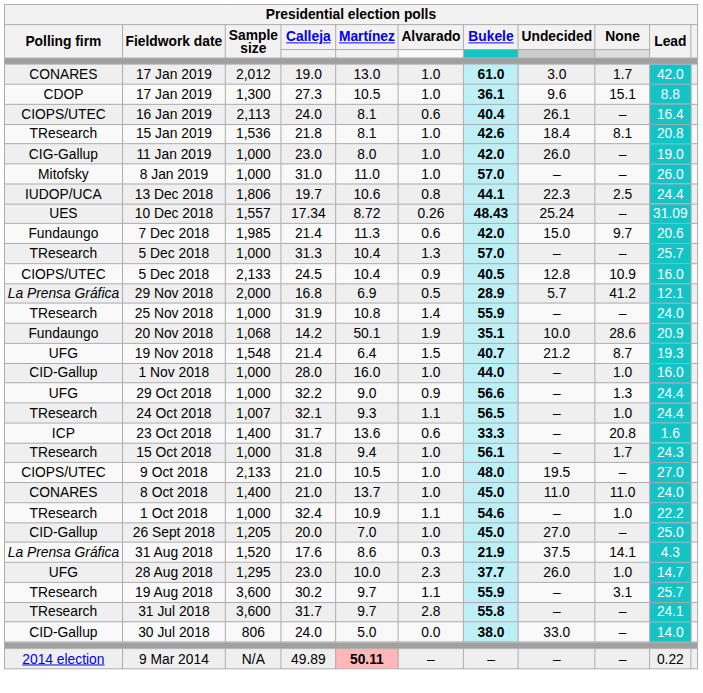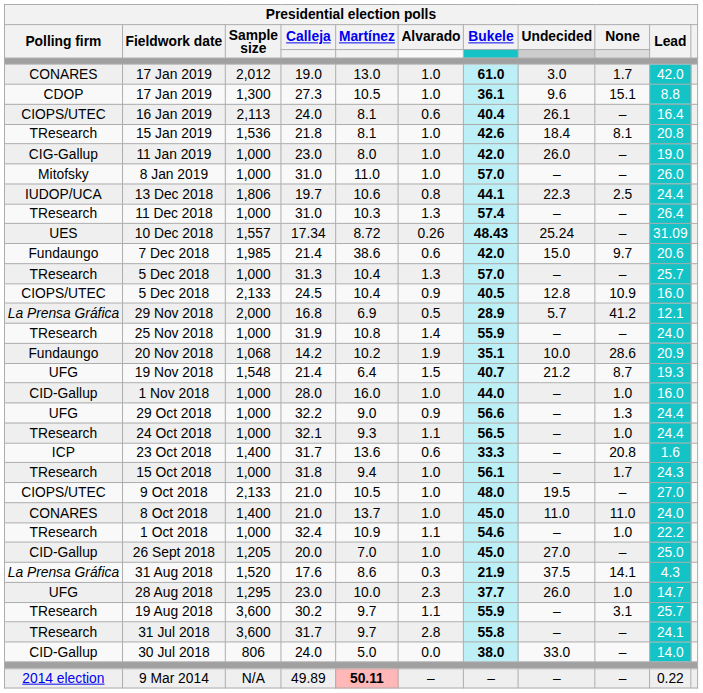 <table class="wikitable" style="text-align:center;font-size:90%;line-height:14px;">
 <tr>
 <th colspan="11">Presidential election polls</th>
 </tr>
 <tr>
 <th rowspan="2">Polling firm</th>
 <th rowspan="2">Fieldwork date</th>
 <th rowspan="2">Sample<br>size</th>
 <th style="width:50px;"><a href='#'>Calleja</a><br></th>
 <th style="width:50px;"><a href='#'>Martínez</a><br></th>
 <th style="width:50px;">Alvarado<br></th>
 <th style="width:50px;"><a href='#'>Bukele</a><br></th>
 <th style="width:50px;">Undecided</th>
 <th style="width:50px;">None</th>
 <th style="width:30px;" rowspan="2">Lead</th>
 <th rowspan="2"></th>
 </tr>
 <tr>
 <th style="background:"></th>
 <th style="background:"></th>
 <td style="background:"></td>
 <th style="background:#13C3C6;"></th>
 <th style="background:#CCCCCC;"></th>
 <th style="background:#DDDDDD;"></th>
 </tr>
 <tr>
 <td colspan="11" style="background:#A0A0A0"></td>
 </tr>
 <tr style="background:#EFEFEF;">
 <td>CONARES</td>
 <td>17 Jan 2019</td>
 <td>2,012</td>
 <td>19.0</td>
 <td>13.0</td>
 <td>1.0</td>
 <td style="background:#BCEFF6;"><strong>61.0</strong></td>
 <td>3.0</td>
 <td>1.7</td>
 <td style="background:#13C3C6;color:#FFFFFF">42.0</td>
 <td></td>
 </tr>
 <tr>
 <td>CDOP</td>
 <td>17 Jan 2019</td>
 <td>1,300</td>
 <td>27.3</td>
 <td>10.5</td>
 <td>1.0</td>
 <td style="background:#BCEFF6;"><strong>36.1</strong></td>
 <td>9.6</td>
 <td>15.1</td>
 <td style="background:#13C3C6;color:#FFFFFF">8.8</td>
 <td></td>
 </tr>
 <tr style="background:#EFEFEF;">
 <td>CIOPS/UTEC</td>
 <td>16 Jan 2019</td>
 <td>2,113</td>
 <td>24.0</td>
 <td>8.1</td>
 <td>0.6</td>
 <td style="background:#BCEFF6;"><strong>40.4</strong></td>
 <td>26.1</td>
 <td>–</td>
 <td style="background:#13C3C6;color:#FFFFFF">16.4</td>
 <td></td>
 </tr>
 <tr>
 <td>TResearch</td>
 <td>15 Jan 2019</td>
 <td>1,536</td>
 <td>21.8</td>
 <td>8.1</td>
 <td>1.0</td>
 <td style="background:#BCEFF6;"><strong>42.6</strong></td>
 <td>18.4</td>
 <td>8.1</td>
 <td style="background:#13C3C6;color:#FFFFFF">20.8</td>
 <td></td>
 </tr>
 <tr style="background:#EFEFEF;">
 <td>CIG-Gallup</td>
 <td>11 Jan 2019</td>
 <td>1,000</td>
 <td>23.0</td>
 <td>8.0</td>
 <td>1.0</td>
 <td style="background:#BCEFF6;"><strong>42.0</strong></td>
 <td>26.0</td>
 <td>–</td>
 <td style="background:#13C3C6;color:#FFFFFF">19.0</td>
 <td></td>
 </tr>
 <tr>
 <td>Mitofsky</td>
 <td>8 Jan 2019</td>
 <td>1,000</td>
 <td>31.0</td>
 <td>11.0</td>
 <td>1.0</td>
 <td style="background:#BCEFF6;"><strong>57.0</strong></td>
 <td>–</td>
 <td>–</td>
 <td style="background:#13C3C6;color:#FFFFFF">26.0</td>
 <td></td>
 </tr>
 <tr style="background:#EFEFEF;">
 <td>IUDOP/UCA</td>
 <td>13 Dec 2018</td>
 <td>1,806</td>
 <td>19.7</td>
 <td>10.6</td>
 <td>0.8</td>
 <td style="background:#BCEFF6;"><strong>44.1</strong></td>
 <td>22.3</td>
 <td>2.5</td>
 <td style="background:#13C3C6;color:#FFFFFF">24.4</td>
 <td></td>
 </tr>
+<tr>
+<td>TResearch</td>
+<td>11 Dec 2018</td>
+<td>1,000</td>
+<td>31.0</td>
+<td>10.3</td>
+<td>1.3</td>
+<td style="background:#BCEFF6;"><strong>57.4</strong></td>
+<td>–</td>
+<td>–</td>
+<td style="background:#13C3C6;color:#FFFFFF">26.4</td>
+<td></td>
+</tr>
 <tr style="background:#EFEFEF;">
 <td>UES</td>
 <td>10 Dec 2018</td>
 <td>1,557</td>
 <td>17.34</td>
 <td>8.72</td>
 <td>0.26</td>
 <td style="background:#BCEFF6;"><strong>48.43</strong></td>
 <td>25.24</td>
 <td>–</td>
 <td style="background:#13C3C6;color:#FFFFFF">31.09</td>
 <td></td>
 </tr>
 <tr>
 <td>Fundaungo</td>
 <td>7 Dec 2018</td>
 <td>1,985</td>
 <td>21.4</td>
-<td>11.3</td>
+<td>38.6</td>
 <td>0.6</td>
 <td style="background:#BCEFF6;"><strong>42.0</strong></td>
 <td>15.0</td>
 <td>9.7</td>
 <td style="background:#13C3C6;color:#FFFFFF">20.6</td>
 <td></td>
 </tr>
 <tr style="background:#EFEFEF;">
 <td>TResearch</td>
 <td>5 Dec 2018</td>
 <td>1,000</td>
 <td>31.3</td>
 <td>10.4</td>
 <td>1.3</td>
 <td style="background:#BCEFF6;"><strong>57.0</strong></td>
 <td>–</td>
 <td>–</td>
 <td style="background:#13C3C6;color:#FFFFFF">25.7</td>
 <td></td>
 </tr>
 <tr>
 <td>CIOPS/UTEC</td>
 <td>5 Dec 2018</td>
 <td>2,133</td>
 <td>24.5</td>
 <td>10.4</td>
 <td>0.9</td>
 <td style="background:#BCEFF6;"><strong>40.5</strong></td>
 <td>12.8</td>
 <td>10.9</td>
 <td style="background:#13C3C6;color:#FFFFFF">16.0</td>
 <td></td>
 </tr>
 <tr style="background:#EFEFEF;">
 <td><em>La Prensa Gráfica</em></td>
 <td>29 Nov 2018</td>
 <td>2,000</td>
 <td>16.8</td>
 <td>6.9</td>
 <td>0.5</td>
 <td style="background:#BCEFF6;"><strong>28.9</strong></td>
 <td>5.7</td>
 <td>41.2</td>
 <td style="background:#13C3C6;color:#FFFFFF">12.1</td>
 <td></td>
 </tr>
 <tr>
 <td>TResearch</td>
 <td>25 Nov 2018</td>
 <td>1,000</td>
 <td>31.9</td>
 <td>10.8</td>
 <td>1.4</td>
 <td style="background:#BCEFF6;"><strong>55.9</strong></td>
 <td>–</td>
 <td>–</td>
 <td style="background:#13C3C6;color:#FFFFFF">24.0</td>
 <td></td>
 </tr>
 <tr style="background:#EFEFEF;">
 <td>Fundaungo</td>
 <td>20 Nov 2018</td>
 <td>1,068</td>
 <td>14.2</td>
-<td>50.1</td>
+<td>10.2</td>
 <td>1.9</td>
 <td style="background:#BCEFF6;"><strong>35.1</strong></td>
 <td>10.0</td>
 <td>28.6</td>
 <td style="background:#13C3C6;color:#FFFFFF">20.9</td>
 <td></td>
 </tr>
 <tr>
 <td>UFG</td>
 <td>19 Nov 2018</td>
 <td>1,548</td>
 <td>21.4</td>
 <td>6.4</td>
 <td>1.5</td>
 <td style="background:#BCEFF6;"><strong>40.7</strong></td>
 <td>21.2</td>
 <td>8.7</td>
 <td style="background:#13C3C6;color:#FFFFFF">19.3</td>
 <td></td>
 </tr>
 <tr style="background:#EFEFEF;">
 <td>CID-Gallup</td>
 <td>1 Nov 2018</td>
 <td>1,000</td>
 <td>28.0</td>
 <td>16.0</td>
 <td>1.0</td>
 <td style="background:#BCEFF6;"><strong>44.0</strong></td>
 <td>–</td>
 <td>1.0</td>
 <td style="background:#13C3C6;color:#FFFFFF">16.0</td>
 <td></td>
 </tr>
 <tr>
 <td>UFG</td>
 <td>29 Oct 2018</td>
 <td>1,000</td>
 <td>32.2</td>
 <td>9.0</td>
 <td>0.9</td>
 <td style="background:#BCEFF6;"><strong>56.6</strong></td>
 <td>–</td>
 <td>1.3</td>
 <td style="background:#13C3C6;color:#FFFFFF">24.4</td>
 <td></td>
 </tr>
 <tr style="background:#EFEFEF;">
 <td>TResearch</td>
 <td>24 Oct 2018</td>
-<td>1,007</td>
+<td>1,000</td>
 <td>32.1</td>
 <td>9.3</td>
 <td>1.1</td>
 <td style="background:#BCEFF6;"><strong>56.5</strong></td>
 <td>–</td>
 <td>1.0</td>
 <td style="background:#13C3C6;color:#FFFFFF">24.4</td>
 <td></td>
 </tr>
 <tr>
 <td>ICP</td>
 <td>23 Oct 2018</td>
 <td>1,400</td>
 <td>31.7</td>
 <td>13.6</td>
 <td>0.6</td>
 <td style="background:#BCEFF6;"><strong>33.3</strong></td>
 <td>–</td>
 <td>20.8</td>
 <td style="background:#13C3C6;color:#FFFFFF">1.6</td>
 <td></td>
 </tr>
 <tr style="background:#EFEFEF;">
 <td>TResearch</td>
 <td>15 Oct 2018</td>
 <td>1,000</td>
 <td>31.8</td>
 <td>9.4</td>
 <td>1.0</td>
 <td style="background:#BCEFF6;"><strong>56.1</strong></td>
 <td>–</td>
 <td>1.7</td>
 <td style="background:#13C3C6;color:#FFFFFF">24.3</td>
 <td></td>
 </tr>
 <tr>
 <td>CIOPS/UTEC</td>
 <td>9 Oct 2018</td>
 <td>2,133</td>
 <td>21.0</td>
 <td>10.5</td>
 <td>1.0</td>
 <td style="background:#BCEFF6;"><strong>48.0</strong></td>
 <td>19.5</td>
 <td>–</td>
 <td style="background:#13C3C6;color:#FFFFFF">27.0</td>
 <td></td>
 </tr>
 <tr style="background:#EFEFEF;">
 <td>CONARES</td>
 <td>8 Oct 2018</td>
 <td>1,400</td>
 <td>21.0</td>
 <td>13.7</td>
 <td>1.0</td>
 <td style="background:#BCEFF6;"><strong>45.0</strong></td>
 <td>11.0</td>
 <td>11.0</td>
 <td style="background:#13C3C6;color:#FFFFFF">24.0</td>
 <td></td>
 </tr>
 <tr>
 <td>TResearch</td>
 <td>1 Oct 2018</td>
 <td>1,000</td>
 <td>32.4</td>
 <td>10.9</td>
 <td>1.1</td>
 <td style="background:#BCEFF6;"><strong>54.6</strong></td>
 <td>–</td>
 <td>1.0</td>
 <td style="background:#13C3C6;color:#FFFFFF">22.2</td>
 <td></td>
 </tr>
 <tr style="background:#EFEFEF;">
 <td>CID-Gallup</td>
 <td>26 Sept 2018</td>
 <td>1,205</td>
 <td>20.0</td>
 <td>7.0</td>
 <td>1.0</td>
 <td style="background:#BCEFF6;"><strong>45.0</strong></td>
 <td>27.0</td>
 <td>–</td>
 <td style="background:#13C3C6;color:#FFFFFF">25.0</td>
 <td></td>
 </tr>
 <tr>
 <td><em>La Prensa Gráfica</em></td>
 <td>31 Aug 2018</td>
 <td>1,520</td>
 <td>17.6</td>
 <td>8.6</td>
 <td>0.3</td>
 <td style="background:#BCEFF6;"><strong>21.9</strong></td>
 <td>37.5</td>
 <td>14.1</td>
 <td style="background:#13C3C6;color:#FFFFFF">4.3</td>
 <td></td>
 </tr>
 <tr style="background:#EFEFEF;">
 <td>UFG</td>
 <td>28 Aug 2018</td>
 <td>1,295</td>
 <td>23.0</td>
 <td>10.0</td>
 <td>2.3</td>
 <td style="background:#BCEFF6;"><strong>37.7</strong></td>
 <td>26.0</td>
 <td>1.0</td>
 <td style="background:#13C3C6;color:#FFFFFF">14.7</td>
 <td></td>
 </tr>
 <tr>
 <td>TResearch</td>
 <td>19 Aug 2018</td>
 <td>3,600</td>
 <td>30.2</td>
 <td>9.7</td>
 <td>1.1</td>
 <td style="background:#BCEFF6;"><strong>55.9</strong></td>
 <td>–</td>
 <td>3.1</td>
 <td style="background:#13C3C6;color:#FFFFFF">25.7</td>
 <td></td>
 </tr>
 <tr style="background:#EFEFEF;">
 <td>TResearch</td>
 <td>31 Jul 2018</td>
 <td>3,600</td>
 <td>31.7</td>
 <td>9.7</td>
 <td>2.8</td>
 <td style="background:#BCEFF6;"><strong>55.8</strong></td>
 <td>–</td>
 <td>–</td>
 <td style="background:#13C3C6;color:#FFFFFF">24.1</td>
 <td></td>
 </tr>
 <tr>
 <td>CID-Gallup</td>
 <td>30 Jul 2018</td>
 <td>806</td>
 <td>24.0</td>
 <td>5.0</td>
 <td>0.0</td>
 <td style="background:#BCEFF6;"><strong>38.0</strong></td>
 <td>33.0</td>
 <td>–</td>
 <td style="background:#13C3C6;color:#FFFFFF">14.0</td>
 <td></td>
 </tr>
 <tr>
 <td colspan="11" style="background:#A0A0A0"></td>
 </tr>
 <tr style="background:#EFEFEF;">
 <td><a href='#'>2014 election</a></td>
 <td>9 Mar 2014</td>
 <td>N/A</td>
 <td>49.89</td>
 <td style="background:#FFB7B7;"><strong>50.11</strong></td>
 <td>–</td>
 <td>–</td>
 <td>–</td>
 <td>–</td>
 <td style="background:">0.22</td>
 <td></td>
 </tr>
 </table>
